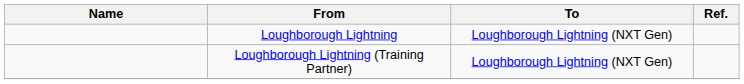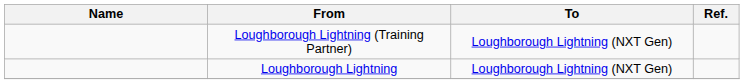 <table class="wikitable sortable alternance" style="text-align:center">
 <tr>
 <th style="width:250px;">Name</th>
 <th style="width:300px;">From</th>
 <th style="width:300px;">To</th>
 <th style="width:50px;">Ref.</th>
 </tr>
 <tr>
 <td> </td>
-<td> <a href='#'>Loughborough Lightning</a></td>
+<td> <a href='#'>Loughborough Lightning</a> (Training Partner)</td>
 <td> <a href='#'>Loughborough Lightning</a> (NXT Gen)</td>
 <td></td>
 </tr>
 <tr>
 <td> </td>
-<td> <a href='#'>Loughborough Lightning</a> (Training Partner)</td>
+<td> <a href='#'>Loughborough Lightning</a></td>
 <td> <a href='#'>Loughborough Lightning</a> (NXT Gen)</td>
 <td></td>
 </tr>
 <tr>
 </tr>
 </table>
